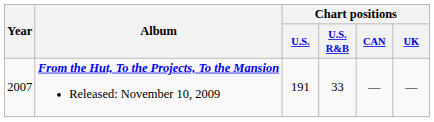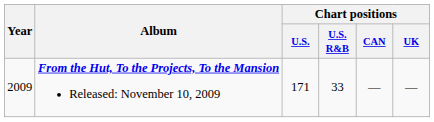 <table class="wikitable">
 <tr>
 <th rowspan="2">Year</th>
 <th rowspan="2">Album</th>
 <th colspan="4">Chart positions</th>
 </tr>
 <tr>
 <th style="text-align:center; width:40px;"><small><a href='#'>U.S.</a></small></th>
 <th style="text-align:center; width:40px;"><small><a href='#'>U.S. R&B</a></small></th>
 <th style="text-align:center; width:40px;"><small><a href='#'>CAN</a></small></th>
 <th style="text-align:center; width:40px;"><small><a href='#'>UK</a></small></th>
 </tr>
 <tr>
-<td>2007</td>
+<td>2009</td>
 <td><strong><em><a href='#'>From the Hut, To the Projects, To the Mansion</a></em></strong><br><ul><li>Released: November 10, 2009</li></ul></td>
-<td style="text-align:center;">191</td>
+<td style="text-align:center;">171</td>
 <td style="text-align:center;">33</td>
 <td style="text-align:center;">—</td>
 <td style="text-align:center;">—</td>
 </tr>
 </table>
